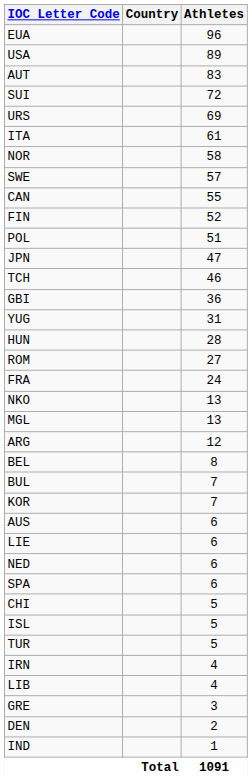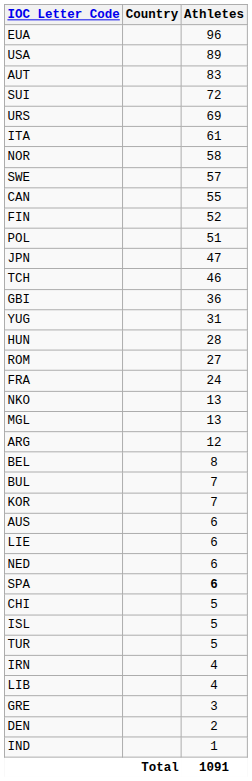 <table class="wikitable collapsible collapsed sortable" style="border:0;">
 <tr>
 <th><a href='#'>IOC Letter Code</a></th>
 <th>Country</th>
 <th>Athletes</th>
 </tr>
 <tr>
 <td>EUA</td>
 <td></td>
 <td align=center>96</td>
 </tr>
 <tr>
 <td>USA</td>
 <td></td>
 <td align=center>89</td>
 </tr>
 <tr>
 <td>AUT</td>
 <td></td>
 <td align=center>83</td>
 </tr>
 <tr>
 <td>SUI</td>
 <td></td>
 <td align=center>72</td>
 </tr>
 <tr>
 <td>URS</td>
 <td></td>
 <td align=center>69</td>
 </tr>
 <tr>
 <td>ITA</td>
 <td></td>
 <td align=center>61</td>
 </tr>
 <tr>
 <td>NOR</td>
 <td></td>
 <td align=center>58</td>
 </tr>
 <tr>
 <td>SWE</td>
 <td></td>
 <td align=center>57</td>
 </tr>
 <tr>
 <td>CAN</td>
 <td></td>
 <td align=center>55</td>
 </tr>
 <tr>
 <td>FIN</td>
 <td></td>
 <td align=center>52</td>
 </tr>
 <tr>
 <td>POL</td>
 <td></td>
 <td align=center>51</td>
 </tr>
 <tr>
 <td>JPN</td>
 <td></td>
 <td align=center>47</td>
 </tr>
 <tr>
 <td>TCH</td>
 <td></td>
 <td align=center>46</td>
 </tr>
 <tr>
 <td>GBI</td>
 <td></td>
 <td align=center>36</td>
 </tr>
 <tr>
 <td>YUG</td>
 <td></td>
 <td align=center>31</td>
 </tr>
 <tr>
 <td>HUN</td>
 <td></td>
 <td align=center>28</td>
 </tr>
 <tr>
 <td>ROM</td>
 <td></td>
 <td align=center>27</td>
 </tr>
 <tr>
 <td>FRA</td>
 <td></td>
 <td align=center>24</td>
 </tr>
 <tr>
 <td>NKO</td>
 <td></td>
 <td align=center>13</td>
 </tr>
 <tr>
 <td>MGL</td>
 <td></td>
 <td align=center>13</td>
 </tr>
 <tr>
 <td>ARG</td>
 <td></td>
 <td align=center>12</td>
 </tr>
 <tr>
 <td>BEL</td>
 <td></td>
 <td align=center>8</td>
 </tr>
 <tr>
 <td>BUL</td>
 <td></td>
 <td align=center>7</td>
 </tr>
 <tr>
 <td>KOR</td>
 <td></td>
 <td align=center>7</td>
 </tr>
 <tr>
 <td>AUS</td>
 <td></td>
 <td align=center>6</td>
 </tr>
 <tr>
 <td>LIE</td>
 <td></td>
 <td align=center>6</td>
 </tr>
 <tr>
 <td>NED</td>
 <td></td>
 <td align=center>6</td>
 </tr>
 <tr>
 <td>SPA</td>
 <td></td>
-<td align=center>6</td>
+<td align=center><strong>6</strong></td>
 </tr>
 <tr>
 <td>CHI</td>
 <td></td>
 <td align=center>5</td>
 </tr>
 <tr>
 <td>ISL</td>
 <td></td>
 <td align=center>5</td>
 </tr>
 <tr>
 <td>TUR</td>
 <td></td>
 <td align=center>5</td>
 </tr>
 <tr>
 <td>IRN</td>
 <td></td>
 <td align=center>4</td>
 </tr>
 <tr>
 <td>LIB</td>
 <td></td>
 <td align=center>4</td>
 </tr>
 <tr>
 <td>GRE</td>
 <td></td>
 <td align=center>3</td>
 </tr>
 <tr>
 <td>DEN</td>
 <td></td>
 <td align=center>2</td>
 </tr>
 <tr>
 <td>IND</td>
 <td></td>
 <td align=center>1</td>
 </tr>
 <tr class="sortbottom">
 <td colspan=2; style="text-align:right; border:0px; background:#fff;"><strong>Total</strong></td>
 <td style="text-align:center; border:0px; background:#fff;"><strong>1091</strong></td>
 </tr>
 </table>
